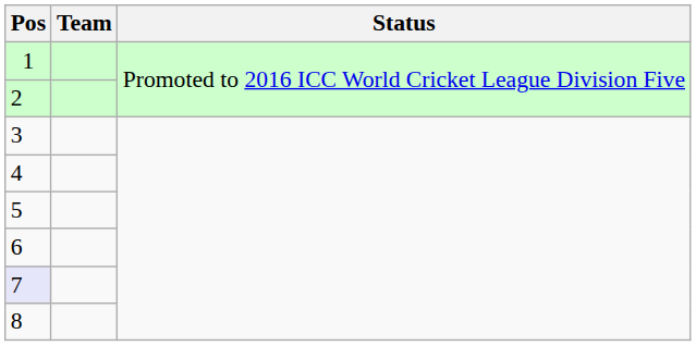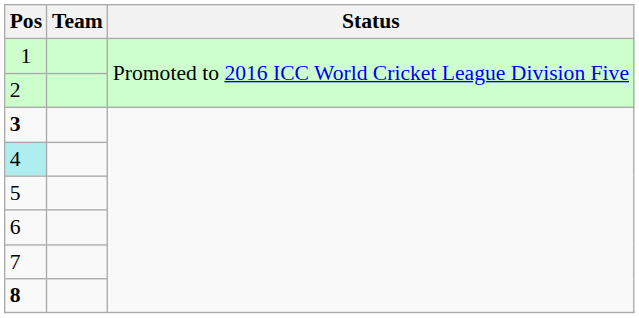 <table class="wikitable">
 <tr>
 <th>Pos</th>
 <th>Team</th>
 <th>Status</th>
 </tr>
 <tr style="background:#cfc">
 <td style="text-align:center">1</td>
 <td style="text-align:left"></td>
 <td rowspan=2>Promoted to <a href='#'>2016 ICC World Cricket League Division Five</a></td>
 </tr>
 <tr style="background:#cfc">
 <td>2</td>
 <td style="text-align:left"></td>
 </tr>
 <tr>
-<td>3</td>
+<td><strong>3</strong></td>
 <td style="text-align:left"></td>
 </tr>
 <tr>
-<td>4</td>
+<td style="background: paleturquoise;">4</td>
 <td style="text-align:left"></td>
 </tr>
 <tr>
 <td>5</td>
 <td style="text-align:left"></td>
 </tr>
 <tr>
 <td>6</td>
 <td style="text-align:left"></td>
 </tr>
 <tr>
-<td style="background: lavender;">7</td>
+<td>7</td>
 <td style="text-align:left"></td>
 </tr>
 <tr>
-<td>8</td>
+<td><strong>8</strong></td>
 <td style="text-align:left"></td>
 </tr>
 </table>
